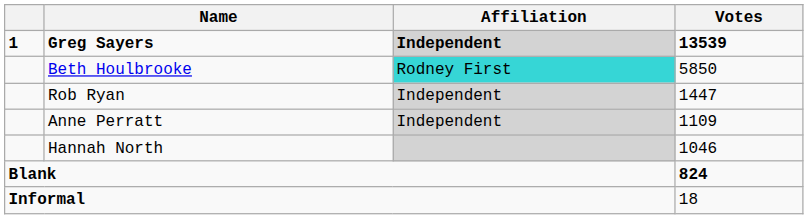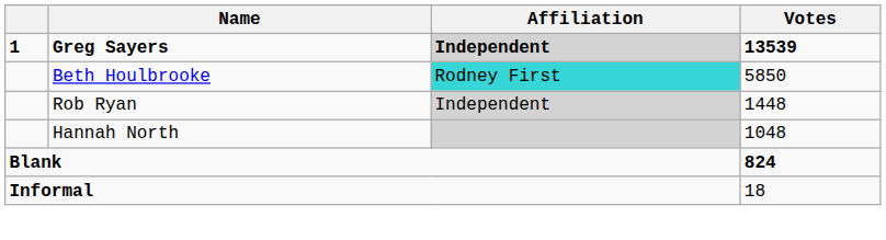 <table class="wikitable sortable" style=width:50em>
 <tr>
 <th></th>
 <th>Name</th>
 <th>Affiliation</th>
 <th>Votes</th>
 </tr>
 <tr>
 <td><strong>1</strong></td>
 <td><strong>Greg Sayers</strong></td>
 <td bgcolor="lightgrey"><strong>Independent</strong></td>
 <td><strong>13539</strong></td>
 </tr>
 <tr>
 <td></td>
 <td><a href='#'>Beth Houlbrooke</a></td>
 <td bgcolor=36D6D6>Rodney First</td>
 <td>5850</td>
 </tr>
 <tr>
 <td></td>
 <td>Rob Ryan</td>
 <td bgcolor="lightgrey">Independent</td>
-<td>1447</td>
-</tr>
-<tr>
-<td></td>
-<td>Anne Perratt</td>
-<td bgcolor="lightgrey">Independent</td>
-<td>1109</td>
+<td>1448</td>
 </tr>
 <tr>
 <td></td>
 <td>Hannah North</td>
 <td bgcolor="lightgrey"></td>
-<td>1046</td>
+<td>1048</td>
 </tr>
 <tr>
 <td colspan="3"><strong>Blank</strong></td>
 <td><strong>824</strong></td>
 </tr>
 <tr>
 <td colspan="3"><strong>Informal</strong></td>
 <td>18</td>
 </tr>
 </table>
